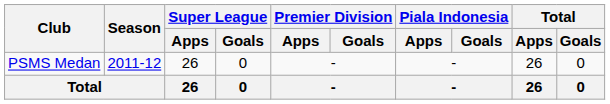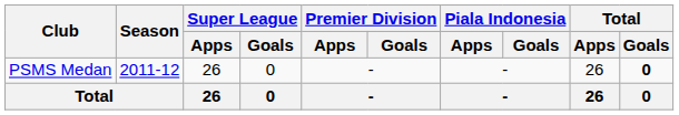 <table class="wikitable" style="font-size:90%; text-align:center;">
 <tr>
 <th rowspan="2">Club</th>
 <th rowspan="2">Season</th>
 <th colspan="2"><a href='#'>Super League</a></th>
 <th colspan="2"><a href='#'>Premier Division</a></th>
 <th colspan="2"><a href='#'>Piala Indonesia</a></th>
 <th colspan="2">Total</th>
 </tr>
 <tr>
 <th>Apps</th>
 <th>Goals</th>
 <th>Apps</th>
 <th>Goals</th>
 <th>Apps</th>
 <th>Goals</th>
 <th>Apps</th>
 <th>Goals</th>
 </tr>
 <tr>
 <td rowspan="1"><a href='#'>PSMS Medan</a></td>
 <td><a href='#'>2011-12</a></td>
 <td>26</td>
 <td>0</td>
 <td colspan="2">-</td>
 <td colspan="2">-</td>
 <td>26</td>
-<td>0</td>
+<td><strong>0</strong></td>
 </tr>
 <tr>
 <th colspan="2">Total</th>
 <th>26</th>
 <th>0</th>
 <th colspan="2">-</th>
 <th colspan="2">-</th>
 <th>26</th>
 <th>0</th>
 </tr>
 </table>
